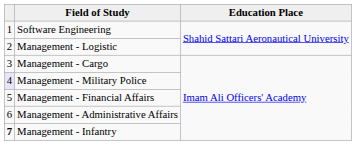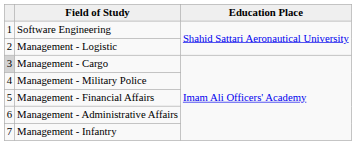 <table class="wikitable" style="style="text-align: center;">
 <tr>
 <th style="background: #efefef;"></th>
 <th style="background: #efefef;"><strong>Field of Study</strong></th>
 <th style="background: #efefef;"><strong>Education Place</strong></th>
 </tr>
 <tr>
 <td>1</td>
 <td>Software Engineering</td>
 <td rowspan="2"><a href='#'>Shahid Sattari Aeronautical University</a></td>
 </tr>
 <tr>
 <td>2</td>
 <td>Management - Logistic</td>
 </tr>
 <tr>
-<td>3</td>
+<td style="background: lightgrey;">3</td>
 <td>Management - Cargo</td>
 <td rowspan="5"><a href='#'>Imam Ali Officers' Academy</a></td>
 </tr>
 <tr>
-<td style="background: lavender;">4</td>
+<td>4</td>
 <td>Management - Military Police</td>
 </tr>
 <tr>
 <td>5</td>
 <td>Management - Financial Affairs</td>
 </tr>
 <tr>
 <td>6</td>
 <td>Management - Administrative Affairs</td>
 </tr>
 <tr>
-<td><strong>7</strong></td>
+<td>7</td>
 <td>Management - Infantry</td>
 </tr>
 </table>
